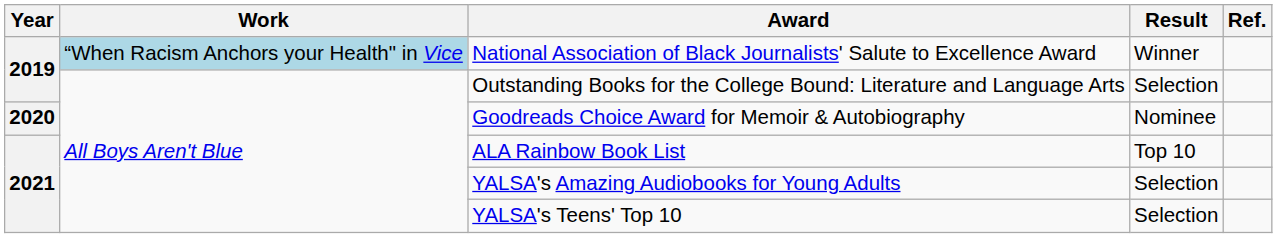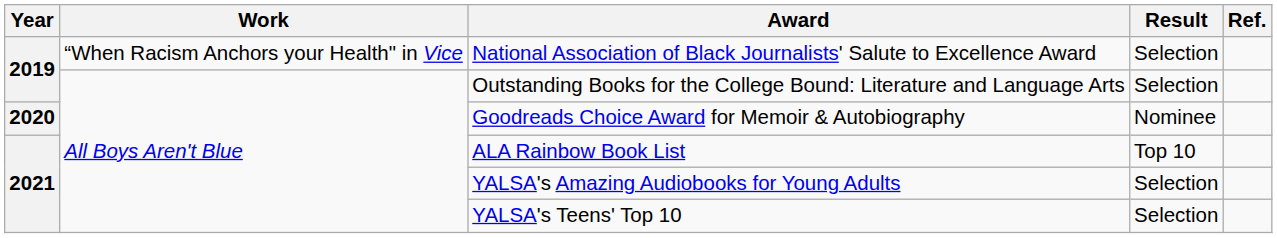 <table class="wikitable sortable">
 <tr>
 <th>Year</th>
 <th>Work</th>
 <th>Award</th>
 <th>Result</th>
 <th>Ref.</th>
 </tr>
 <tr>
 <th rowspan="2">2019</th>
-<td style="background: lightblue;">“When Racism Anchors your Health" in <em><a href='#'>Vice</a></em></td>
+<td>“When Racism Anchors your Health" in <em><a href='#'>Vice</a></em></td>
 <td><a href='#'>National Association of Black Journalists</a>' Salute to Excellence Award</td>
-<td>Winner</td>
+<td>Selection</td>
 <td></td>
 </tr>
 <tr>
 <td rowspan="5"><em><a href='#'>All Boys Aren't Blue</a></em></td>
 <td>Outstanding Books for the College Bound: Literature and Language Arts</td>
 <td>Selection</td>
 <td></td>
 </tr>
 <tr>
 <th>2020</th>
 <td><a href='#'>Goodreads Choice Award</a> for Memoir & Autobiography</td>
 <td>Nominee</td>
 <td></td>
 </tr>
 <tr>
 <th rowspan="3">2021</th>
 <td><a href='#'>ALA Rainbow Book List</a></td>
 <td>Top 10</td>
 <td></td>
 </tr>
 <tr>
 <td><a href='#'>YALSA</a>'s <a href='#'>Amazing Audiobooks for Young Adults</a></td>
 <td>Selection</td>
 <td></td>
 </tr>
 <tr>
 <td><a href='#'>YALSA</a>'s Teens' Top 10</td>
 <td>Selection</td>
 <td></td>
 </tr>
 </table>
